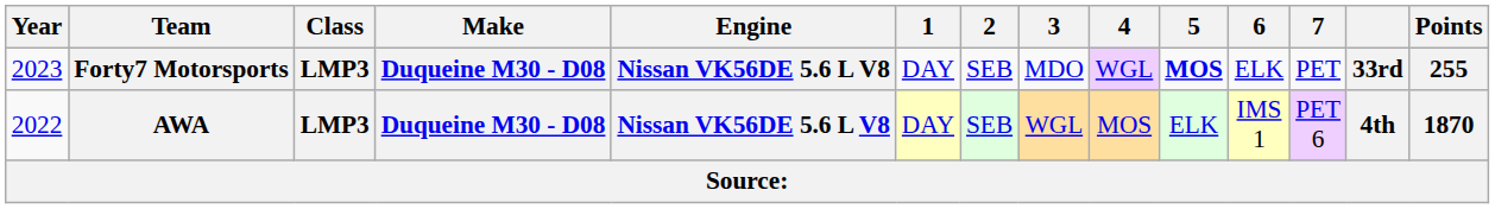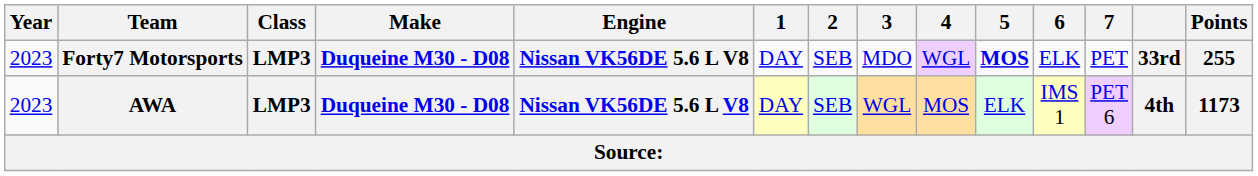 <table class="wikitable" style="text-align:center; font-size:90%">
 <tr>
 <th>Year</th>
 <th>Team</th>
 <th>Class</th>
 <th>Make</th>
 <th>Engine</th>
 <th>1</th>
 <th>2</th>
 <th>3</th>
 <th>4</th>
 <th>5</th>
 <th>6</th>
 <th>7</th>
 <th></th>
 <th>Points</th>
 </tr>
 <tr>
 <td><a href='#'>2023</a></td>
 <th>Forty7 Motorsports</th>
 <th>LMP3</th>
 <th><a href='#'>Duqueine M30 - D08</a></th>
 <th><a href='#'>Nissan VK56DE</a> 5.6 L V8</th>
 <td><a href='#'>DAY</a></td>
 <td><a href='#'>SEB</a></td>
 <td><a href='#'>MDO</a></td>
 <td style="background:#EFCFFF;"><a href='#'>WGL</a><br></td>
 <td><strong><a href='#'>MOS</a></strong></td>
 <td><a href='#'>ELK</a></td>
 <td><a href='#'>PET</a></td>
 <th>33rd</th>
 <th>255</th>
 </tr>
 <tr>
-<td><a href='#'>2022</a></td>
+<td><a href='#'>2023</a></td>
 <th>AWA</th>
 <th>LMP3</th>
 <th><a href='#'>Duqueine M30 - D08</a></th>
 <th><a href='#'>Nissan VK56DE</a> 5.6 L <a href='#'>V8</a></th>
 <td style="background:#FFFFBF;"><a href='#'>DAY</a><br></td>
 <td style="background:#DFFFDF;"><a href='#'>SEB</a><br></td>
 <td style="background:#FFDF9F;”"><a href='#'>WGL</a><br></td>
 <td style="background:#FFDF9F;”"><a href='#'>MOS</a><br></td>
 <td style="background:#DFFFDF;"><a href='#'>ELK</a><br></td>
 <td style="background:#FFFFBF;"><a href='#'>IMS</a><br>1</td>
 <td style="background:#EFCFFF;"><a href='#'>PET</a><br>6</td>
 <th>4th</th>
-<th>1870</th>
+<th>1173</th>
 </tr>
 <tr>
 <th colspan="14">Source:</th>
 </tr>
 </table>
